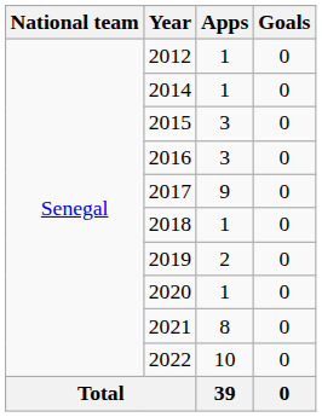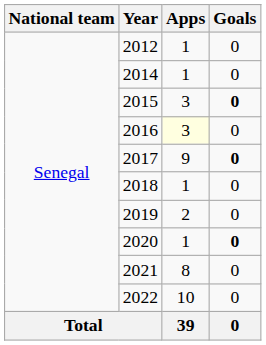 <table class="wikitable" style="text-align:center">
 <tr>
 <th>National team</th>
 <th>Year</th>
 <th>Apps</th>
 <th>Goals</th>
 </tr>
 <tr>
 <td rowspan="10"><a href='#'>Senegal</a></td>
 <td>2012</td>
 <td>1</td>
 <td>0</td>
 </tr>
 <tr>
 <td>2014</td>
 <td>1</td>
 <td>0</td>
 </tr>
 <tr>
 <td>2015</td>
 <td>3</td>
-<td>0</td>
+<td><strong>0</strong></td>
 </tr>
 <tr>
 <td>2016</td>
-<td>3</td>
+<td style="background: lightyellow;">3</td>
 <td>0</td>
 </tr>
 <tr>
 <td>2017</td>
 <td>9</td>
-<td>0</td>
+<td><strong>0</strong></td>
 </tr>
 <tr>
 <td>2018</td>
 <td>1</td>
 <td>0</td>
 </tr>
 <tr>
 <td>2019</td>
 <td>2</td>
 <td>0</td>
 </tr>
 <tr>
 <td>2020</td>
 <td>1</td>
-<td>0</td>
+<td><strong>0</strong></td>
 </tr>
 <tr>
 <td>2021</td>
 <td>8</td>
 <td>0</td>
 </tr>
 <tr>
 <td>2022</td>
 <td>10</td>
 <td>0</td>
 </tr>
 <tr>
 <th colspan="2">Total</th>
 <th>39</th>
 <th>0</th>
 </tr>
 </table>
